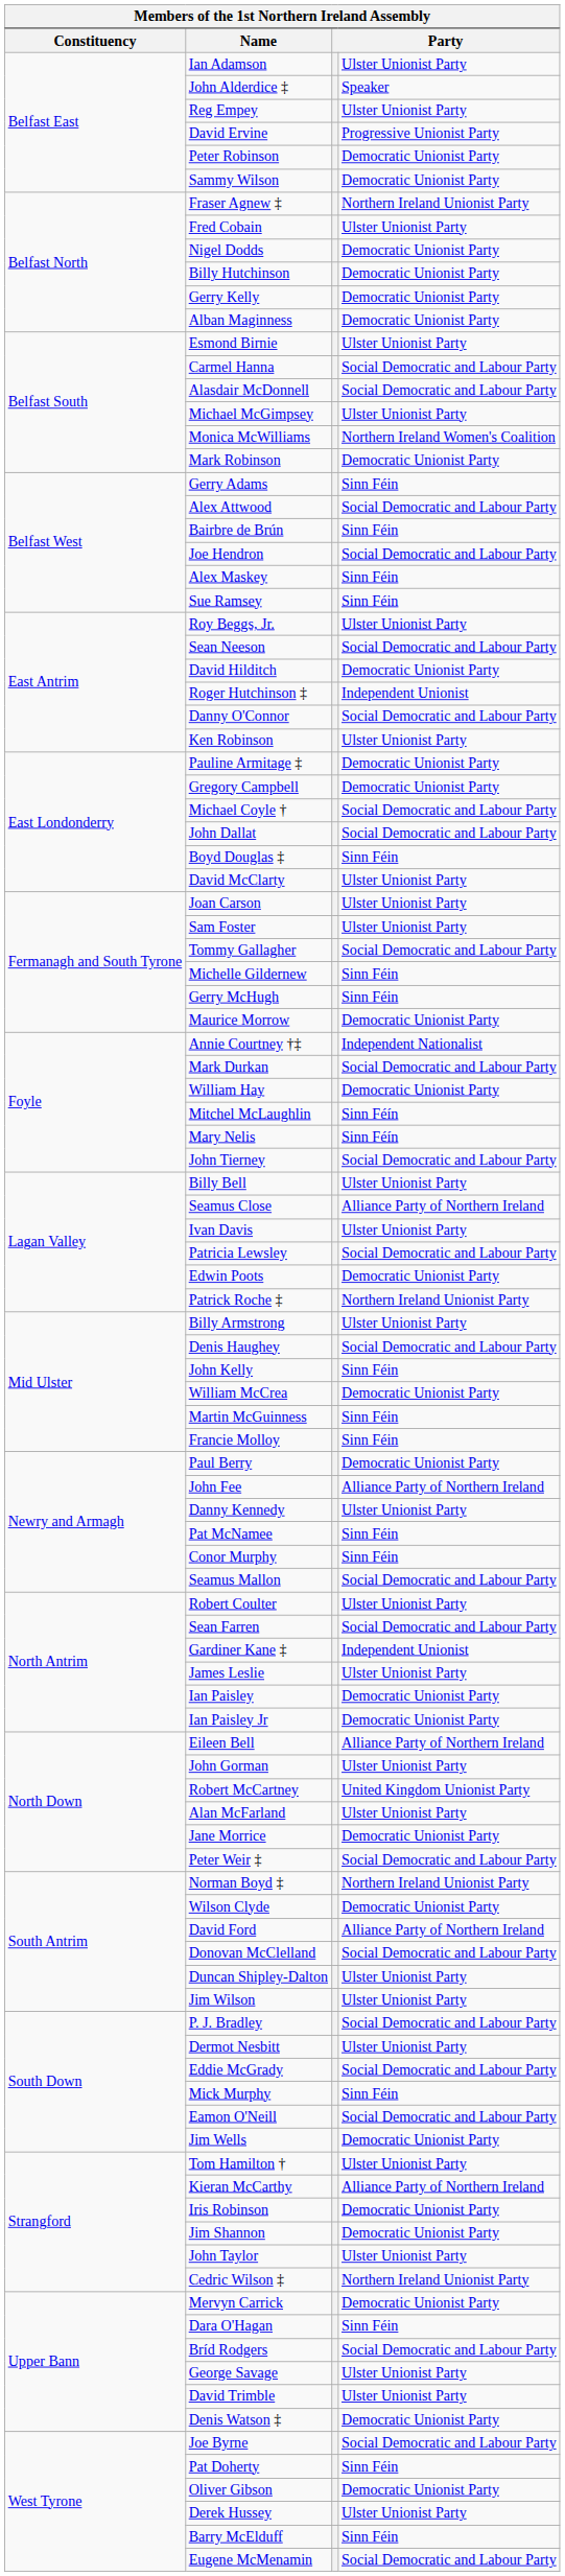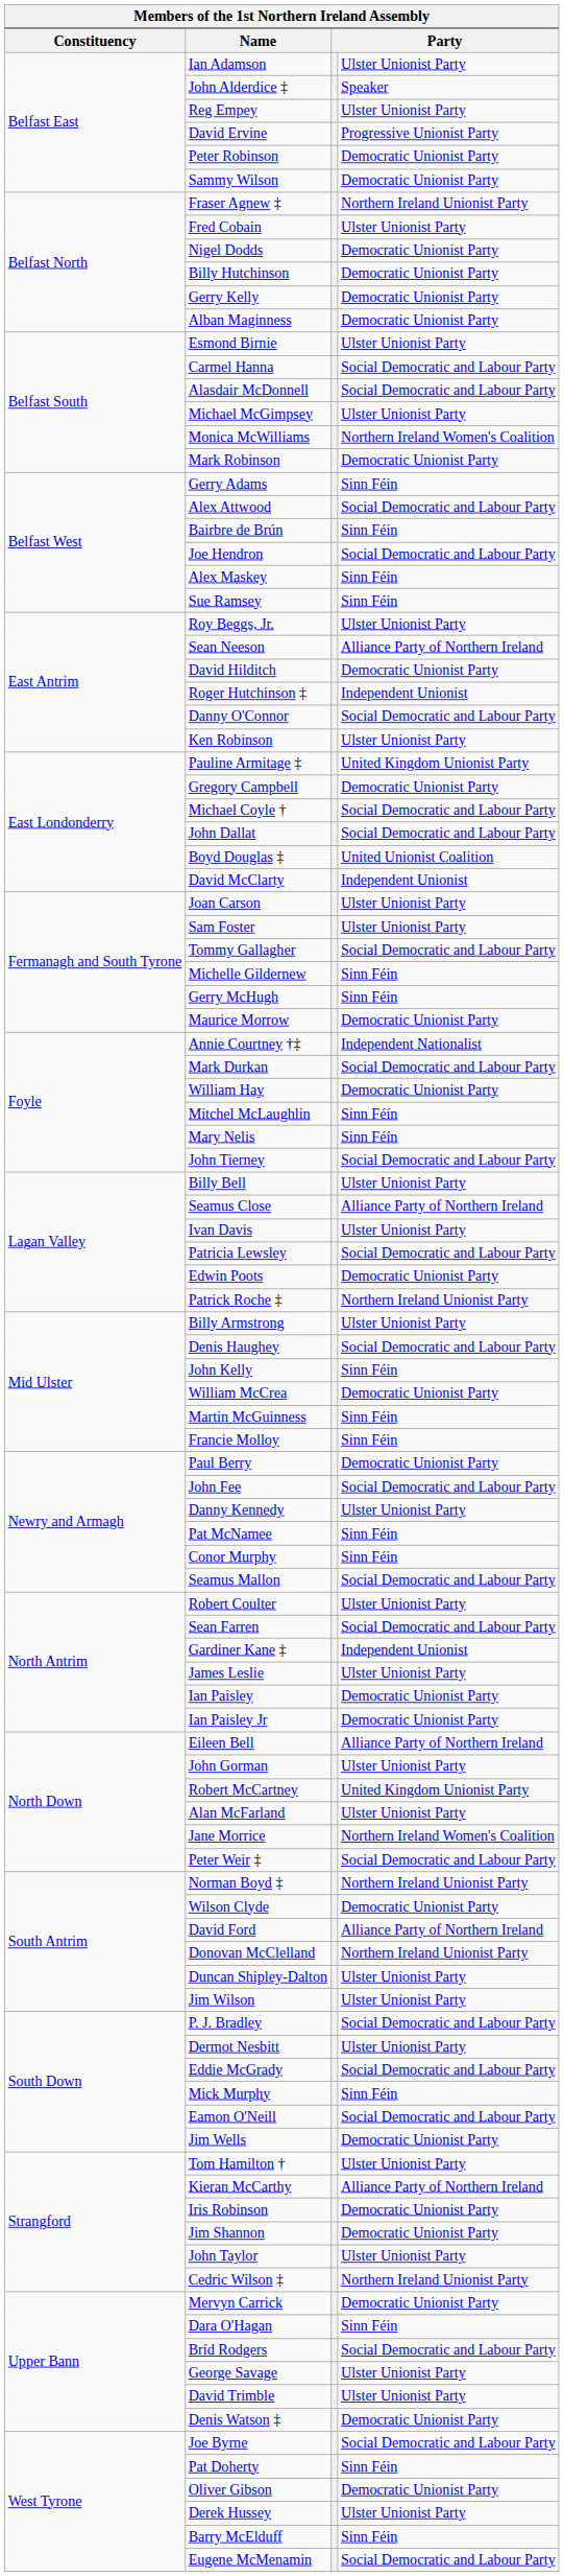 <table class="wikitable">
 <tr style="border-bottom: 2px solid gray;">
 <th colspan=4>Members of the 1st Northern Ireland Assembly</th>
 </tr>
 <tr>
 <th align=center>Constituency</th>
 <th align=center>Name</th>
 <th style="text-align:center;" colspan="2">Party</th>
 </tr>
 <tr>
 <td rowspan="6"><a href='#'>Belfast East</a></td>
 <td><a href='#'>Ian Adamson</a></td>
 <th style="background-color: "></th>
 <td><a href='#'>Ulster Unionist Party</a></td>
 </tr>
 <tr>
 <td><a href='#'>John Alderdice</a> ‡</td>
 <th style="background-color: "></th>
 <td><a href='#'>Speaker</a></td>
 </tr>
 <tr>
 <td><a href='#'>Reg Empey</a></td>
 <th style="background-color: "></th>
 <td><a href='#'>Ulster Unionist Party</a></td>
 </tr>
 <tr>
 <td><a href='#'>David Ervine</a></td>
 <th style="background-color: "></th>
 <td><a href='#'>Progressive Unionist Party</a></td>
 </tr>
 <tr>
 <td><a href='#'>Peter Robinson</a></td>
 <th style="background-color: "></th>
 <td><a href='#'>Democratic Unionist Party</a></td>
 </tr>
 <tr>
 <td><a href='#'>Sammy Wilson</a></td>
 <th style="background-color: "></th>
 <td><a href='#'>Democratic Unionist Party</a></td>
 </tr>
 <tr>
 <td rowspan="6"><a href='#'>Belfast North</a></td>
 <td><a href='#'>Fraser Agnew</a> ‡</td>
 <th style="background-color: "></th>
 <td><a href='#'>Northern Ireland Unionist Party</a></td>
 </tr>
 <tr>
 <td><a href='#'>Fred Cobain</a></td>
 <th style="background-color: "></th>
 <td><a href='#'>Ulster Unionist Party</a></td>
 </tr>
 <tr>
 <td><a href='#'>Nigel Dodds</a></td>
 <th style="background-color: "></th>
 <td><a href='#'>Democratic Unionist Party</a></td>
 </tr>
 <tr>
 <td><a href='#'>Billy Hutchinson</a></td>
 <th style="background-color: "></th>
 <td><a href='#'>Democratic Unionist Party</a></td>
 </tr>
 <tr>
 <td><a href='#'>Gerry Kelly</a></td>
 <th style="background-color: "></th>
 <td><a href='#'>Democratic Unionist Party</a></td>
 </tr>
 <tr>
 <td><a href='#'>Alban Maginness</a></td>
 <th style="background-color: "></th>
 <td><a href='#'>Democratic Unionist Party</a></td>
 </tr>
 <tr>
 <td rowspan="6"><a href='#'>Belfast South</a></td>
 <td><a href='#'>Esmond Birnie</a></td>
 <th style="background-color: "></th>
 <td><a href='#'>Ulster Unionist Party</a></td>
 </tr>
 <tr>
 <td><a href='#'>Carmel Hanna</a></td>
 <th style="background-color: "></th>
 <td><a href='#'>Social Democratic and Labour Party</a></td>
 </tr>
 <tr>
 <td><a href='#'>Alasdair McDonnell</a></td>
 <th style="background-color: "></th>
 <td><a href='#'>Social Democratic and Labour Party</a></td>
 </tr>
 <tr>
 <td><a href='#'>Michael McGimpsey</a></td>
 <th style="background-color: "></th>
 <td><a href='#'>Ulster Unionist Party</a></td>
 </tr>
 <tr>
 <td><a href='#'>Monica McWilliams</a></td>
 <th style="background-color: "></th>
 <td><a href='#'>Northern Ireland Women's Coalition</a></td>
 </tr>
 <tr>
 <td><a href='#'>Mark Robinson</a></td>
 <th style="background-color: "></th>
 <td><a href='#'>Democratic Unionist Party</a></td>
 </tr>
 <tr>
 <td rowspan="6"><a href='#'>Belfast West</a></td>
 <td><a href='#'>Gerry Adams</a></td>
 <th style="background-color: "></th>
 <td><a href='#'>Sinn Féin</a></td>
 </tr>
 <tr>
 <td><a href='#'>Alex Attwood</a></td>
 <th style="background-color: "></th>
 <td><a href='#'>Social Democratic and Labour Party</a></td>
 </tr>
 <tr>
 <td><a href='#'>Bairbre de Brún</a></td>
 <th style="background-color: "></th>
 <td><a href='#'>Sinn Féin</a></td>
 </tr>
 <tr>
 <td><a href='#'>Joe Hendron</a></td>
 <th style="background-color: "></th>
 <td><a href='#'>Social Democratic and Labour Party</a></td>
 </tr>
 <tr>
 <td><a href='#'>Alex Maskey</a></td>
 <th style="background-color: "></th>
 <td><a href='#'>Sinn Féin</a></td>
 </tr>
 <tr>
 <td><a href='#'>Sue Ramsey</a></td>
 <th style="background-color: "></th>
 <td><a href='#'>Sinn Féin</a></td>
 </tr>
 <tr>
 <td rowspan="6"><a href='#'>East Antrim</a></td>
 <td><a href='#'>Roy Beggs, Jr.</a></td>
 <th style="background-color: "></th>
 <td><a href='#'>Ulster Unionist Party</a></td>
 </tr>
 <tr>
 <td><a href='#'>Sean Neeson</a></td>
 <th style="background-color: "></th>
-<td><a href='#'>Social Democratic and Labour Party</a></td>
+<td><a href='#'>Alliance Party of Northern Ireland</a></td>
 </tr>
 <tr>
 <td><a href='#'>David Hilditch</a></td>
 <th style="background-color: "></th>
 <td><a href='#'>Democratic Unionist Party</a></td>
 </tr>
 <tr>
 <td><a href='#'>Roger Hutchinson</a> ‡</td>
 <th style="background-color: "></th>
 <td><a href='#'>Independent Unionist</a></td>
 </tr>
 <tr>
 <td><a href='#'>Danny O'Connor</a></td>
 <th style="background-color: "></th>
 <td><a href='#'>Social Democratic and Labour Party</a></td>
 </tr>
 <tr>
 <td><a href='#'>Ken Robinson</a></td>
 <th style="background-color: "></th>
 <td><a href='#'>Ulster Unionist Party</a></td>
 </tr>
 <tr>
 <td rowspan="6"><a href='#'>East Londonderry</a></td>
 <td><a href='#'>Pauline Armitage</a> ‡</td>
 <th style="background-color: "></th>
-<td><a href='#'>Democratic Unionist Party</a></td>
+<td><a href='#'>United Kingdom Unionist Party</a></td>
 </tr>
 <tr>
 <td><a href='#'>Gregory Campbell</a></td>
 <th style="background-color: "></th>
 <td><a href='#'>Democratic Unionist Party</a></td>
 </tr>
 <tr>
 <td><a href='#'>Michael Coyle</a> †</td>
 <th style="background-color: "></th>
 <td><a href='#'>Social Democratic and Labour Party</a></td>
 </tr>
 <tr>
 <td><a href='#'>John Dallat</a></td>
 <th style="background-color: "></th>
 <td><a href='#'>Social Democratic and Labour Party</a></td>
 </tr>
 <tr>
 <td><a href='#'>Boyd Douglas</a> ‡</td>
 <th style="background-color: "></th>
-<td><a href='#'>Sinn Féin</a></td>
+<td><a href='#'>United Unionist Coalition</a></td>
 </tr>
 <tr>
 <td><a href='#'>David McClarty</a></td>
 <th style="background-color: "></th>
-<td><a href='#'>Ulster Unionist Party</a></td>
+<td><a href='#'>Independent Unionist</a></td>
 </tr>
 <tr>
 <td rowspan="6"><a href='#'>Fermanagh and South Tyrone</a></td>
 <td><a href='#'>Joan Carson</a></td>
 <th style="background-color: "></th>
 <td><a href='#'>Ulster Unionist Party</a></td>
 </tr>
 <tr>
 <td><a href='#'>Sam Foster</a></td>
 <th style="background-color: "></th>
 <td><a href='#'>Ulster Unionist Party</a></td>
 </tr>
 <tr>
 <td><a href='#'>Tommy Gallagher</a></td>
 <th style="background-color: "></th>
 <td><a href='#'>Social Democratic and Labour Party</a></td>
 </tr>
 <tr>
 <td><a href='#'>Michelle Gildernew</a></td>
 <th style="background-color: "></th>
 <td><a href='#'>Sinn Féin</a></td>
 </tr>
 <tr>
 <td><a href='#'>Gerry McHugh</a></td>
 <th style="background-color: "></th>
 <td><a href='#'>Sinn Féin</a></td>
 </tr>
 <tr>
 <td><a href='#'>Maurice Morrow</a></td>
 <th style="background-color: "></th>
 <td><a href='#'>Democratic Unionist Party</a></td>
 </tr>
 <tr>
 <td rowspan="6"><a href='#'>Foyle</a></td>
 <td><a href='#'>Annie Courtney</a> †‡</td>
 <th style="background-color: "></th>
 <td><a href='#'>Independent Nationalist</a></td>
 </tr>
 <tr>
 <td><a href='#'>Mark Durkan</a></td>
 <th style="background-color: "></th>
 <td><a href='#'>Social Democratic and Labour Party</a></td>
 </tr>
 <tr>
 <td><a href='#'>William Hay</a></td>
 <th style="background-color: "></th>
 <td><a href='#'>Democratic Unionist Party</a></td>
 </tr>
 <tr>
 <td><a href='#'>Mitchel McLaughlin</a></td>
 <th style="background-color: "></th>
 <td><a href='#'>Sinn Féín</a></td>
 </tr>
 <tr>
 <td><a href='#'>Mary Nelis</a></td>
 <th style="background-color: "></th>
 <td><a href='#'>Sinn Féín</a></td>
 </tr>
 <tr>
 <td><a href='#'>John Tierney</a></td>
 <th style="background-color: "></th>
 <td><a href='#'>Social Democratic and Labour Party</a></td>
 </tr>
 <tr>
 <td rowspan="6"><a href='#'>Lagan Valley</a></td>
 <td><a href='#'>Billy Bell</a></td>
 <th style="background-color: "></th>
 <td><a href='#'>Ulster Unionist Party</a></td>
 </tr>
 <tr>
 <td><a href='#'>Seamus Close</a></td>
 <th style="background-color: "></th>
 <td><a href='#'>Alliance Party of Northern Ireland</a></td>
 </tr>
 <tr>
 <td><a href='#'>Ivan Davis</a></td>
 <th style="background-color: "></th>
 <td><a href='#'>Ulster Unionist Party</a></td>
 </tr>
 <tr>
 <td><a href='#'>Patricia Lewsley</a></td>
 <th style="background-color: "></th>
 <td><a href='#'>Social Democratic and Labour Party</a></td>
 </tr>
 <tr>
 <td><a href='#'>Edwin Poots</a></td>
 <th style="background-color: "></th>
 <td><a href='#'>Democratic Unionist Party</a></td>
 </tr>
 <tr>
 <td><a href='#'>Patrick Roche</a> ‡</td>
 <th style="background-color: "></th>
 <td><a href='#'>Northern Ireland Unionist Party</a></td>
 </tr>
 <tr>
 <td rowspan="6"><a href='#'>Mid Ulster</a></td>
 <td><a href='#'>Billy Armstrong</a></td>
 <th style="background-color: "></th>
 <td><a href='#'>Ulster Unionist Party</a></td>
 </tr>
 <tr>
 <td><a href='#'>Denis Haughey</a></td>
 <th style="background-color: "></th>
 <td><a href='#'>Social Democratic and Labour Party</a></td>
 </tr>
 <tr>
 <td><a href='#'>John Kelly</a></td>
 <th style="background-color: "></th>
 <td><a href='#'>Sinn Féin</a></td>
 </tr>
 <tr>
 <td><a href='#'>William McCrea</a></td>
 <th style="background-color: "></th>
 <td><a href='#'>Democratic Unionist Party</a></td>
 </tr>
 <tr>
 <td><a href='#'>Martin McGuinness</a></td>
 <th style="background-color: "></th>
 <td><a href='#'>Sinn Féin</a></td>
 </tr>
 <tr>
 <td><a href='#'>Francie Molloy</a></td>
 <th style="background-color: "></th>
 <td><a href='#'>Sinn Féin</a></td>
 </tr>
 <tr>
 <td rowspan="6"><a href='#'>Newry and Armagh</a></td>
 <td><a href='#'>Paul Berry</a></td>
 <th style="background-color: "></th>
 <td><a href='#'>Democratic Unionist Party</a></td>
 </tr>
 <tr>
 <td><a href='#'>John Fee</a></td>
 <th style="background-color: "></th>
-<td><a href='#'>Alliance Party of Northern Ireland</a></td>
+<td><a href='#'>Social Democratic and Labour Party</a></td>
 </tr>
 <tr>
 <td><a href='#'>Danny Kennedy</a></td>
 <th style="background-color: "></th>
 <td><a href='#'>Ulster Unionist Party</a></td>
 </tr>
 <tr>
 <td><a href='#'>Pat McNamee</a></td>
 <th style="background-color: "></th>
 <td><a href='#'>Sinn Féin</a></td>
 </tr>
 <tr>
 <td><a href='#'>Conor Murphy</a></td>
 <th style="background-color: "></th>
 <td><a href='#'>Sinn Féin</a></td>
 </tr>
 <tr>
 <td><a href='#'>Seamus Mallon</a></td>
 <th style="background-color: "></th>
 <td><a href='#'>Social Democratic and Labour Party</a></td>
 </tr>
 <tr>
 <td rowspan="6"><a href='#'>North Antrim</a></td>
 <td><a href='#'>Robert Coulter</a></td>
 <th style="background-color: "></th>
 <td><a href='#'>Ulster Unionist Party</a></td>
 </tr>
 <tr>
 <td><a href='#'>Sean Farren</a></td>
 <th style="background-color: "></th>
 <td><a href='#'>Social Democratic and Labour Party</a></td>
 </tr>
 <tr>
 <td><a href='#'>Gardiner Kane</a> ‡</td>
 <th style="background-color: "></th>
 <td><a href='#'>Independent Unionist</a></td>
 </tr>
 <tr>
 <td><a href='#'>James Leslie</a></td>
 <th style="background-color: "></th>
 <td><a href='#'>Ulster Unionist Party</a></td>
 </tr>
 <tr>
 <td><a href='#'>Ian Paisley</a></td>
 <th style="background-color: "></th>
 <td><a href='#'>Democratic Unionist Party</a></td>
 </tr>
 <tr>
 <td><a href='#'>Ian Paisley Jr</a></td>
 <th style="background-color: "></th>
 <td><a href='#'>Democratic Unionist Party</a></td>
 </tr>
 <tr>
 <td rowspan="6"><a href='#'>North Down</a></td>
 <td><a href='#'>Eileen Bell</a></td>
 <th style="background-color: "></th>
 <td><a href='#'>Alliance Party of Northern Ireland</a></td>
 </tr>
 <tr>
 <td><a href='#'>John Gorman</a></td>
 <th style="background-color: "></th>
 <td><a href='#'>Ulster Unionist Party</a></td>
 </tr>
 <tr>
 <td><a href='#'>Robert McCartney</a></td>
 <th style="background-color: "></th>
 <td><a href='#'>United Kingdom Unionist Party</a></td>
 </tr>
 <tr>
 <td><a href='#'>Alan McFarland</a></td>
 <th style="background-color: "></th>
 <td><a href='#'>Ulster Unionist Party</a></td>
 </tr>
 <tr>
 <td><a href='#'>Jane Morrice</a></td>
 <th style="background-color: "></th>
-<td><a href='#'>Democratic Unionist Party</a></td>
+<td><a href='#'>Northern Ireland Women's Coalition</a></td>
 </tr>
 <tr>
 <td><a href='#'>Peter Weir</a> ‡</td>
 <th style="background-color: "></th>
 <td><a href='#'>Social Democratic and Labour Party</a></td>
 </tr>
 <tr>
 <td rowspan="6"><a href='#'>South Antrim</a></td>
 <td><a href='#'>Norman Boyd</a> ‡</td>
 <th style="background-color: "></th>
 <td><a href='#'>Northern Ireland Unionist Party</a></td>
 </tr>
 <tr>
 <td><a href='#'>Wilson Clyde</a></td>
 <th style="background-color: "></th>
 <td><a href='#'>Democratic Unionist Party</a></td>
 </tr>
 <tr>
 <td><a href='#'>David Ford</a></td>
 <th style="background-color: "></th>
 <td><a href='#'>Alliance Party of Northern Ireland</a></td>
 </tr>
 <tr>
 <td><a href='#'>Donovan McClelland</a></td>
 <th style="background-color: "></th>
-<td><a href='#'>Social Democratic and Labour Party</a></td>
+<td><a href='#'>Northern Ireland Unionist Party</a></td>
 </tr>
 <tr>
 <td><a href='#'>Duncan Shipley-Dalton</a></td>
 <th style="background-color: "></th>
 <td><a href='#'>Ulster Unionist Party</a></td>
 </tr>
 <tr>
 <td><a href='#'>Jim Wilson</a></td>
 <th style="background-color: "></th>
 <td><a href='#'>Ulster Unionist Party</a></td>
 </tr>
 <tr>
 <td rowspan="6"><a href='#'>South Down</a></td>
 <td><a href='#'>P. J. Bradley</a></td>
 <th style="background-color: "></th>
 <td><a href='#'>Social Democratic and Labour Party</a></td>
 </tr>
 <tr>
 <td><a href='#'>Dermot Nesbitt</a></td>
 <th style="background-color: "></th>
 <td><a href='#'>Ulster Unionist Party</a></td>
 </tr>
 <tr>
 <td><a href='#'>Eddie McGrady</a></td>
 <th style="background-color: "></th>
 <td><a href='#'>Social Democratic and Labour Party</a></td>
 </tr>
 <tr>
 <td><a href='#'>Mick Murphy</a></td>
 <th style="background-color: "></th>
 <td><a href='#'>Sinn Féin</a></td>
 </tr>
 <tr>
 <td><a href='#'>Eamon O'Neill</a></td>
 <th style="background-color: "></th>
 <td><a href='#'>Social Democratic and Labour Party</a></td>
 </tr>
 <tr>
 <td><a href='#'>Jim Wells</a></td>
 <th style="background-color: "></th>
 <td><a href='#'>Democratic Unionist Party</a></td>
 </tr>
 <tr>
 <td rowspan="6"><a href='#'>Strangford</a></td>
 <td><a href='#'>Tom Hamilton</a> †</td>
 <th style="background-color: "></th>
 <td><a href='#'>Ulster Unionist Party</a></td>
 </tr>
 <tr>
 <td><a href='#'>Kieran McCarthy</a></td>
 <th style="background-color: "></th>
 <td><a href='#'>Alliance Party of Northern Ireland</a></td>
 </tr>
 <tr>
 <td><a href='#'>Iris Robinson</a></td>
 <th style="background-color: "></th>
 <td><a href='#'>Democratic Unionist Party</a></td>
 </tr>
 <tr>
 <td><a href='#'>Jim Shannon</a></td>
 <th style="background-color: "></th>
 <td><a href='#'>Democratic Unionist Party</a></td>
 </tr>
 <tr>
 <td><a href='#'>John Taylor</a></td>
 <th style="background-color: "></th>
 <td><a href='#'>Ulster Unionist Party</a></td>
 </tr>
 <tr>
 <td><a href='#'>Cedric Wilson</a> ‡</td>
 <th style="background-color: "></th>
 <td><a href='#'>Northern Ireland Unionist Party</a></td>
 </tr>
 <tr>
 <td rowspan="6"><a href='#'>Upper Bann</a></td>
 <td><a href='#'>Mervyn Carrick</a></td>
 <th style="background-color: "></th>
 <td><a href='#'>Democratic Unionist Party</a></td>
 </tr>
 <tr>
 <td><a href='#'>Dara O'Hagan</a></td>
 <th style="background-color: "></th>
 <td><a href='#'>Sinn Féin</a></td>
 </tr>
 <tr>
 <td><a href='#'>Bríd Rodgers</a></td>
 <th style="background-color: "></th>
 <td><a href='#'>Social Democratic and Labour Party</a></td>
 </tr>
 <tr>
 <td><a href='#'>George Savage</a></td>
 <th style="background-color: "></th>
 <td><a href='#'>Ulster Unionist Party</a></td>
 </tr>
 <tr>
 <td><a href='#'>David Trimble</a></td>
 <th style="background-color: "></th>
 <td><a href='#'>Ulster Unionist Party</a></td>
 </tr>
 <tr>
 <td><a href='#'>Denis Watson</a> ‡</td>
 <th style="background-color: "></th>
 <td><a href='#'>Democratic Unionist Party</a></td>
 </tr>
 <tr>
 <td rowspan="6"><a href='#'>West Tyrone</a></td>
 <td><a href='#'>Joe Byrne</a></td>
 <th style="background-color: "></th>
 <td><a href='#'>Social Democratic and Labour Party</a></td>
 </tr>
 <tr>
 <td><a href='#'>Pat Doherty</a></td>
 <th style="background-color: "></th>
 <td><a href='#'>Sinn Féin</a></td>
 </tr>
 <tr>
 <td><a href='#'>Oliver Gibson</a></td>
 <th style="background-color: "></th>
 <td><a href='#'>Democratic Unionist Party</a></td>
 </tr>
 <tr>
 <td><a href='#'>Derek Hussey</a></td>
 <th style="background-color: "></th>
 <td><a href='#'>Ulster Unionist Party</a></td>
 </tr>
 <tr>
 <td><a href='#'>Barry McElduff</a></td>
 <th style="background-color: "></th>
 <td><a href='#'>Sinn Féin</a></td>
 </tr>
 <tr>
 <td><a href='#'>Eugene McMenamin</a></td>
 <th style="background-color: "></th>
 <td><a href='#'>Social Democratic and Labour Party</a></td>
 </tr>
 </table>
